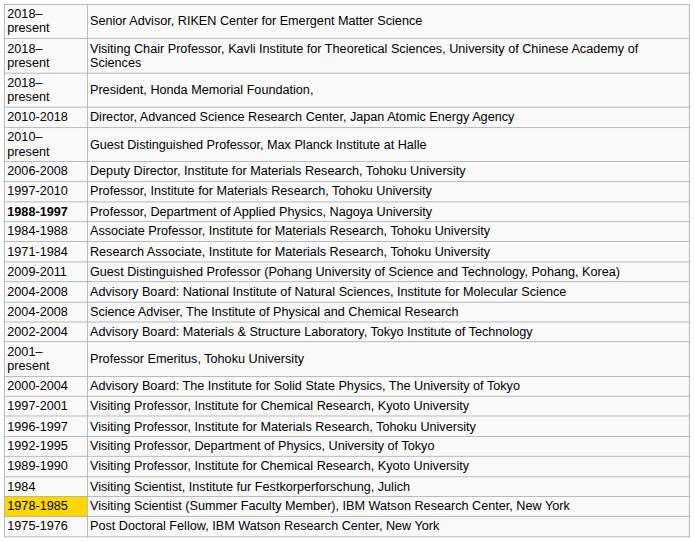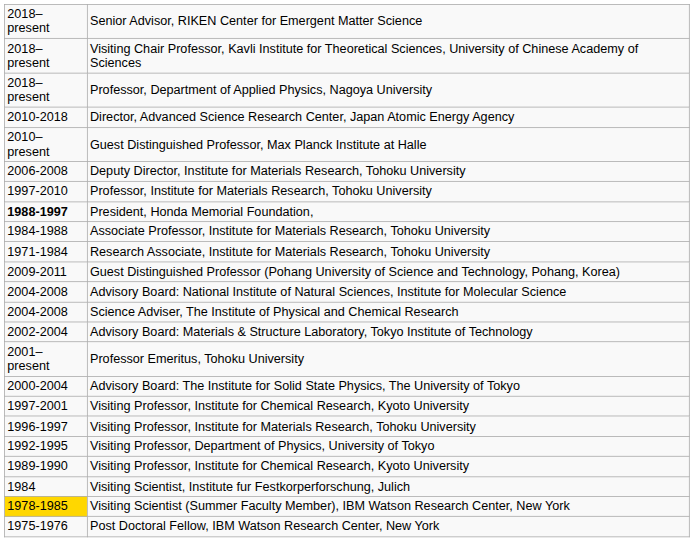 <table class="wikitable">
 <tr>
 <td>2018–present</td>
 <td>Senior Advisor, RIKEN Center for  Emergent Matter Science</td>
 </tr>
 <tr>
 <td>2018–present</td>
 <td>Visiting Chair Professor, Kavli Institute for Theoretical  Sciences, University of Chinese Academy of Sciences</td>
 </tr>
 <tr>
 <td>2018–present</td>
-<td>President, Honda Memorial Foundation,</td>
+<td>Professor, Department of Applied Physics, Nagoya University</td>
 </tr>
 <tr>
 <td>2010-2018</td>
 <td>Director, Advanced Science Research Center, Japan Atomic  Energy Agency</td>
 </tr>
 <tr>
 <td>2010–present</td>
 <td>Guest Distinguished Professor, Max Planck Institute at Halle</td>
 </tr>
 <tr>
 <td>2006-2008</td>
 <td>Deputy Director, Institute for Materials Research, Tohoku  University</td>
 </tr>
 <tr>
 <td>1997-2010</td>
 <td>Professor, Institute for Materials Research, Tohoku University</td>
 </tr>
 <tr>
 <td><strong>1988-1997</strong></td>
-<td>Professor, Department of Applied Physics, Nagoya University</td>
+<td>President, Honda Memorial Foundation,</td>
 </tr>
 <tr>
 <td>1984-1988</td>
 <td>Associate Professor, Institute for Materials Research, Tohoku  University</td>
 </tr>
 <tr>
 <td>1971-1984</td>
 <td>Research Associate, Institute for Materials Research, Tohoku  University</td>
 </tr>
 <tr>
 <td>2009-2011</td>
 <td>Guest Distinguished Professor (Pohang  University of Science and Technology, Pohang, Korea)</td>
 </tr>
 <tr>
 <td>2004-2008</td>
 <td>Advisory Board: National Institute of Natural Sciences,  Institute for Molecular Science</td>
 </tr>
 <tr>
 <td>2004-2008</td>
 <td>Science Adviser, The Institute of Physical and Chemical  Research</td>
 </tr>
 <tr>
 <td>2002-2004</td>
 <td>Advisory Board: Materials & Structure Laboratory, Tokyo  Institute of Technology</td>
 </tr>
 <tr>
 <td>2001–present</td>
 <td>Professor Emeritus, Tohoku University</td>
 </tr>
 <tr>
 <td>2000-2004</td>
 <td>Advisory Board: The Institute for Solid State Physics, The  University of Tokyo</td>
 </tr>
 <tr>
 <td>1997-2001</td>
 <td>Visiting Professor, Institute for Chemical Research, Kyoto  University</td>
 </tr>
 <tr>
 <td>1996-1997</td>
 <td>Visiting Professor, Institute for Materials Research, Tohoku  University</td>
 </tr>
 <tr>
 <td>1992-1995</td>
 <td>Visiting Professor, Department of Physics, University of Tokyo</td>
 </tr>
 <tr>
 <td>1989-1990</td>
 <td>Visiting Professor, Institute for Chemical Research, Kyoto  University</td>
 </tr>
 <tr>
 <td>1984</td>
 <td>Visiting Scientist, Institute fur Festkorperforschung, Julich</td>
 </tr>
 <tr>
 <td style="background: gold;">1978-1985</td>
 <td>Visiting Scientist (Summer Faculty Member), IBM Watson  Research Center, New York</td>
 </tr>
 <tr>
 <td>1975-1976</td>
 <td>Post Doctoral Fellow, IBM Watson Research Center, New York</td>
 </tr>
 </table>
